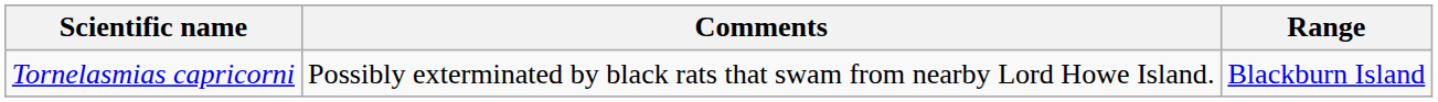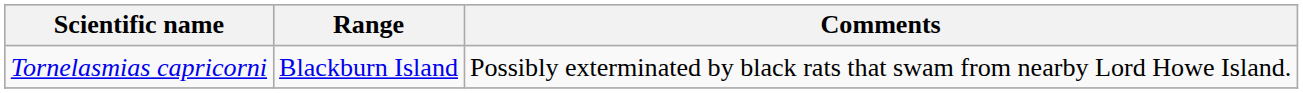 <table class="wikitable">
 <tr>
 <th>Scientific name</th>
+<th>Range</th>
 <th class="unsortable">Comments</th>
-<th>Range</th>
 </tr>
 <tr>
 <td><em><a href='#'>Tornelasmias capricorni</a></em></td>
+<td><a href='#'>Blackburn Island</a></td>
 <td>Possibly exterminated by black rats that swam from nearby Lord Howe Island.</td>
-<td><a href='#'>Blackburn Island</a></td>
 </tr>
 </table>
